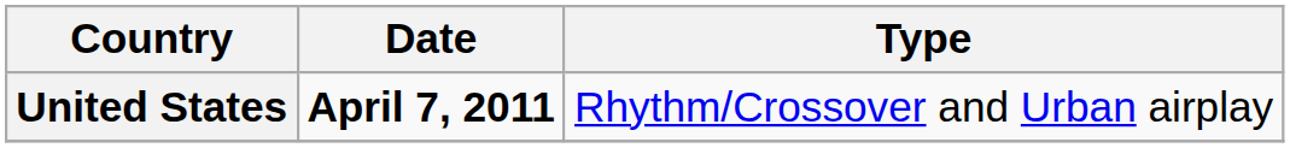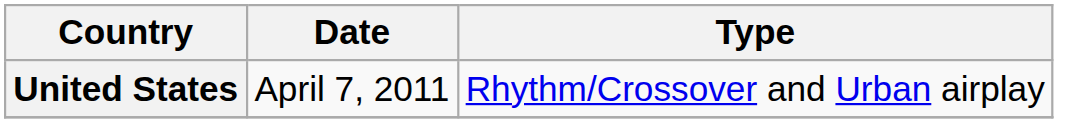 <table class="wikitable plainrowheaders unsortable">
 <tr>
 <th>Country</th>
 <th>Date</th>
 <th>Type</th>
 </tr>
 <tr>
 <th scope="row">United States</th>
-<td><strong>April 7, 2011</strong></td>
+<td>April 7, 2011</td>
 <td><a href='#'>Rhythm/Crossover</a> and <a href='#'>Urban</a> airplay</td>
 </tr>
 <tr>
 </tr>
 </table>
